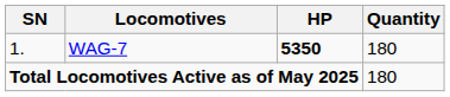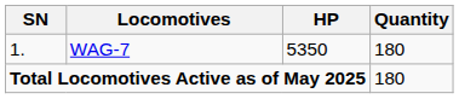 <table class="wikitable">
 <tr>
 <th>SN</th>
 <th>Locomotives</th>
 <th>HP</th>
 <th>Quantity</th>
 </tr>
 <tr>
 <td>1.</td>
 <td><a href='#'>WAG-7</a></td>
-<td><strong>5350</strong></td>
+<td>5350</td>
 <td>180</td>
 </tr>
 <tr>
 <td colspan="3"><strong>Total Locomotives Active as of May 2025</strong></td>
 <td>180</td>
 </tr>
 </table>
